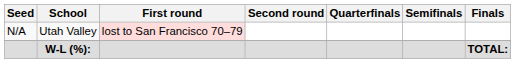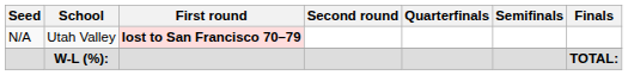 <table class="sortable wikitable" style="white-space:nowrap; font-size:100%;">
 <tr>
 <th>Seed</th>
 <th>School</th>
 <th>First round</th>
 <th>Second round</th>
 <th>Quarterfinals</th>
 <th>Semifinals</th>
 <th>Finals</th>
 </tr>
 <tr>
 <td>N/A</td>
 <td>Utah Valley</td>
-<td style="background:#ffdddd;">lost to San Francisco 70–79</td>
+<td style="background:#ffdddd;"><strong>lost to San Francisco 70–79</strong></td>
 <td style="background:#fff;"></td>
 <td style="background:#fff;"></td>
 <td style="background:#fff;"></td>
 <td style="background:#fff;"></td>
 </tr>
 <tr>
 </tr>
 <tr class="sortbottom" style="text-align:center; background:#ddd;">
 <td></td>
 <td><strong>W-L (%):</strong></td>
 <td></td>
 <td></td>
 <td></td>
 <td></td>
 <td><strong>TOTAL:</strong> </td>
 </tr>
 </table>
